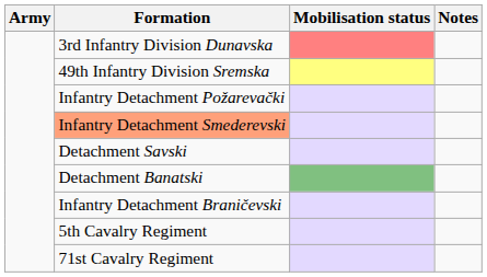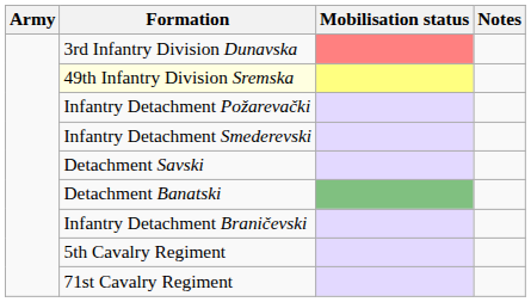 <table class="wikitable">
 <tr>
 <th scope="col">Army</th>
 <th scope="col">Formation</th>
 <th scope="col">Mobilisation status</th>
 <th scope="col">Notes</th>
 </tr>
 <tr>
 <td rowspan=9></td>
 <td>3rd Infantry Division <em>Dunavska</em></td>
 <td bgcolor="FF8080"></td>
 <td></td>
 </tr>
 <tr>
-<td>49th Infantry Division <em>Sremska</em></td>
+<td style="background: lightyellow;">49th Infantry Division <em>Sremska</em></td>
 <td bgcolor="FFFF80"></td>
 <td></td>
 </tr>
 <tr>
 <td>Infantry Detachment <em>Požarevački</em></td>
 <td bgcolor="e3d9ff"></td>
 <td></td>
 </tr>
 <tr>
-<td style="background: lightsalmon;">Infantry Detachment <em>Smederevski</em></td>
+<td>Infantry Detachment <em>Smederevski</em></td>
 <td bgcolor="e3d9ff"></td>
 <td></td>
 </tr>
 <tr>
 <td>Detachment <em>Savski</em></td>
 <td bgcolor="e3d9ff"></td>
 <td></td>
 </tr>
 <tr>
 <td>Detachment <em>Banatski</em></td>
 <td bgcolor="80C080"></td>
 <td></td>
 </tr>
 <tr>
 <td>Infantry Detachment <em>Braničevski</em></td>
 <td bgcolor="e3d9ff"></td>
 <td></td>
 </tr>
 <tr>
 <td>5th Cavalry Regiment</td>
 <td bgcolor="e3d9ff"></td>
 <td></td>
 </tr>
 <tr>
 <td>71st Cavalry Regiment</td>
 <td bgcolor="e3d9ff"></td>
 <td></td>
 </tr>
 </table>
